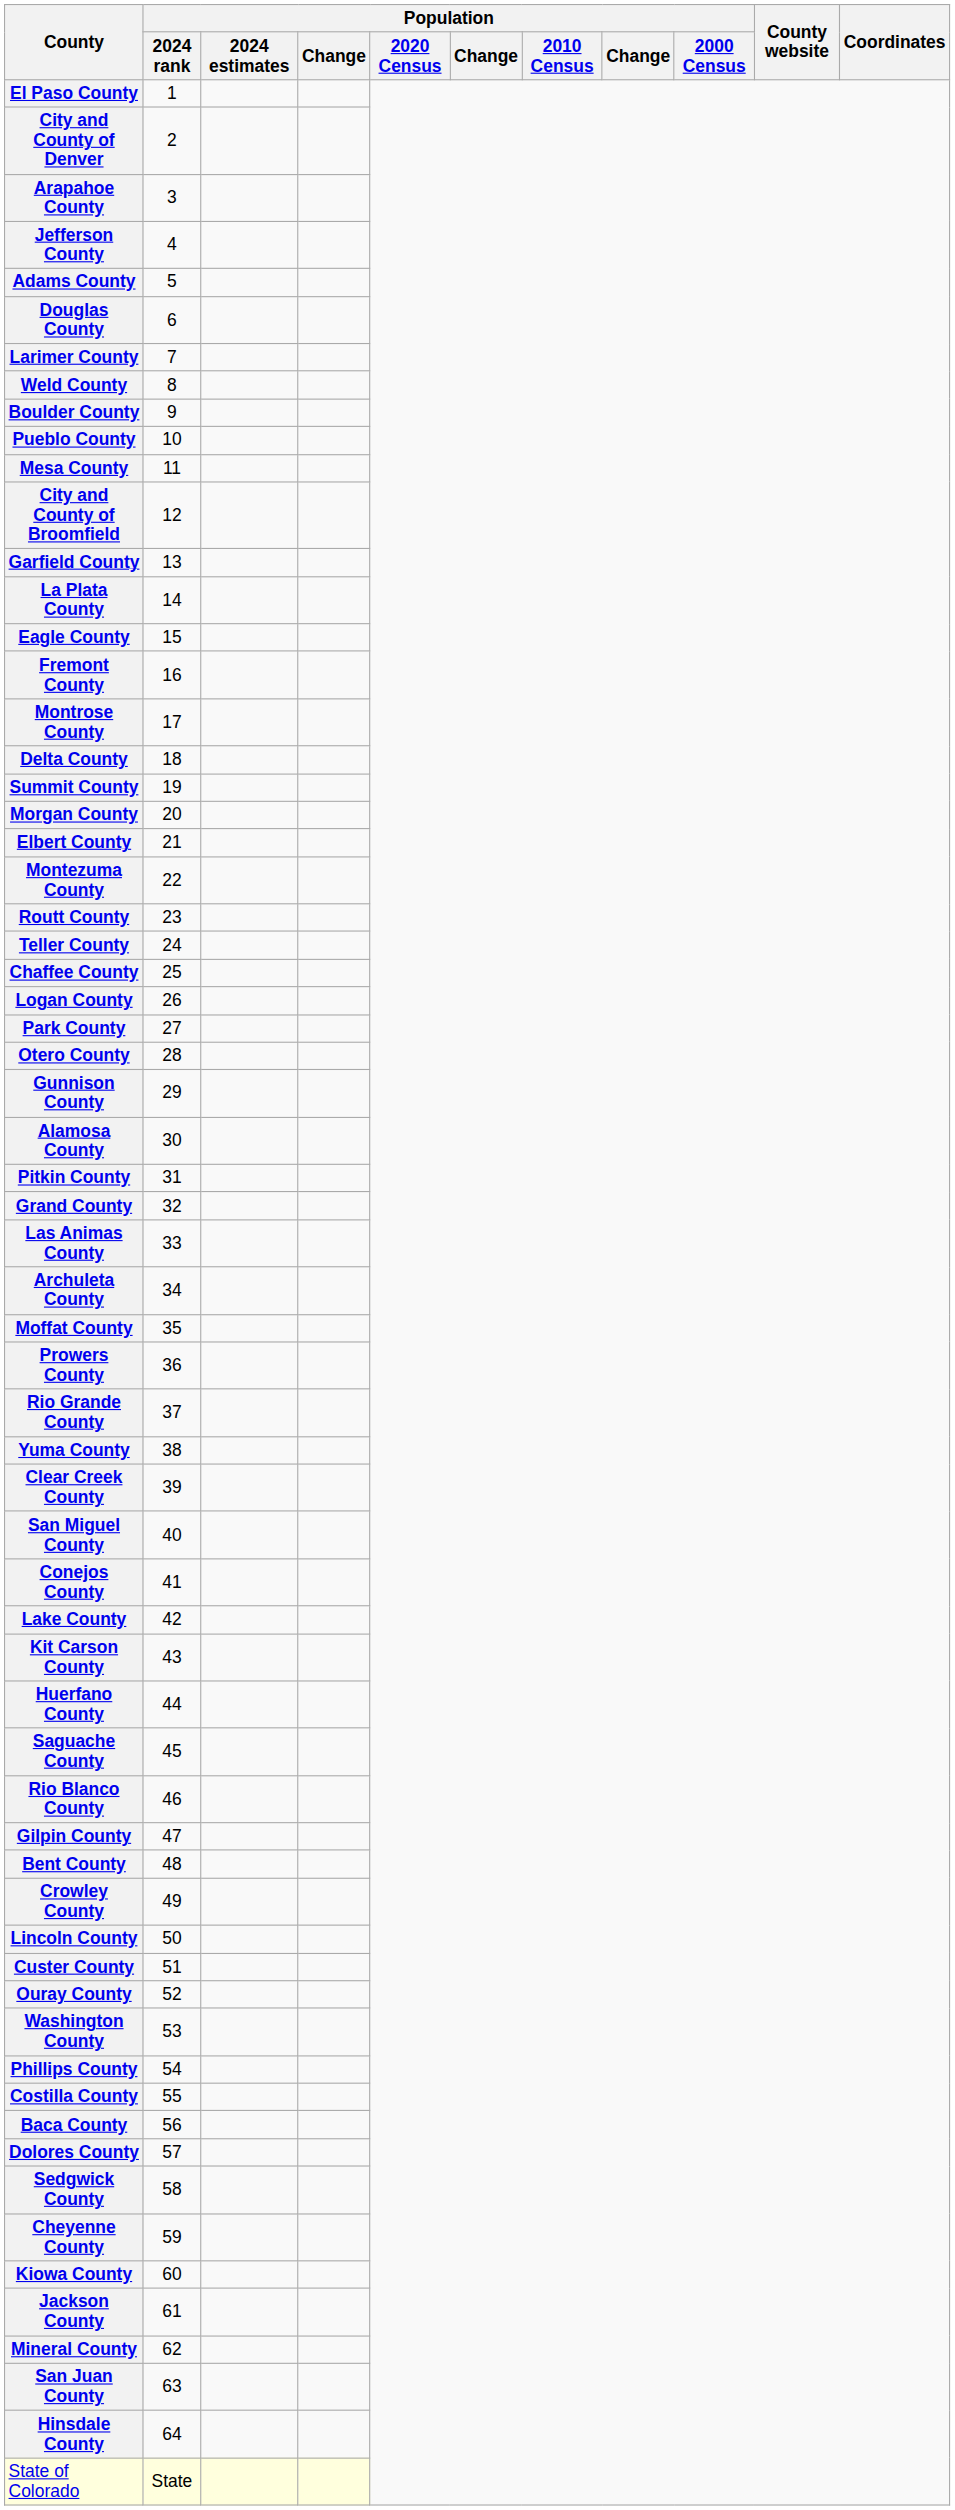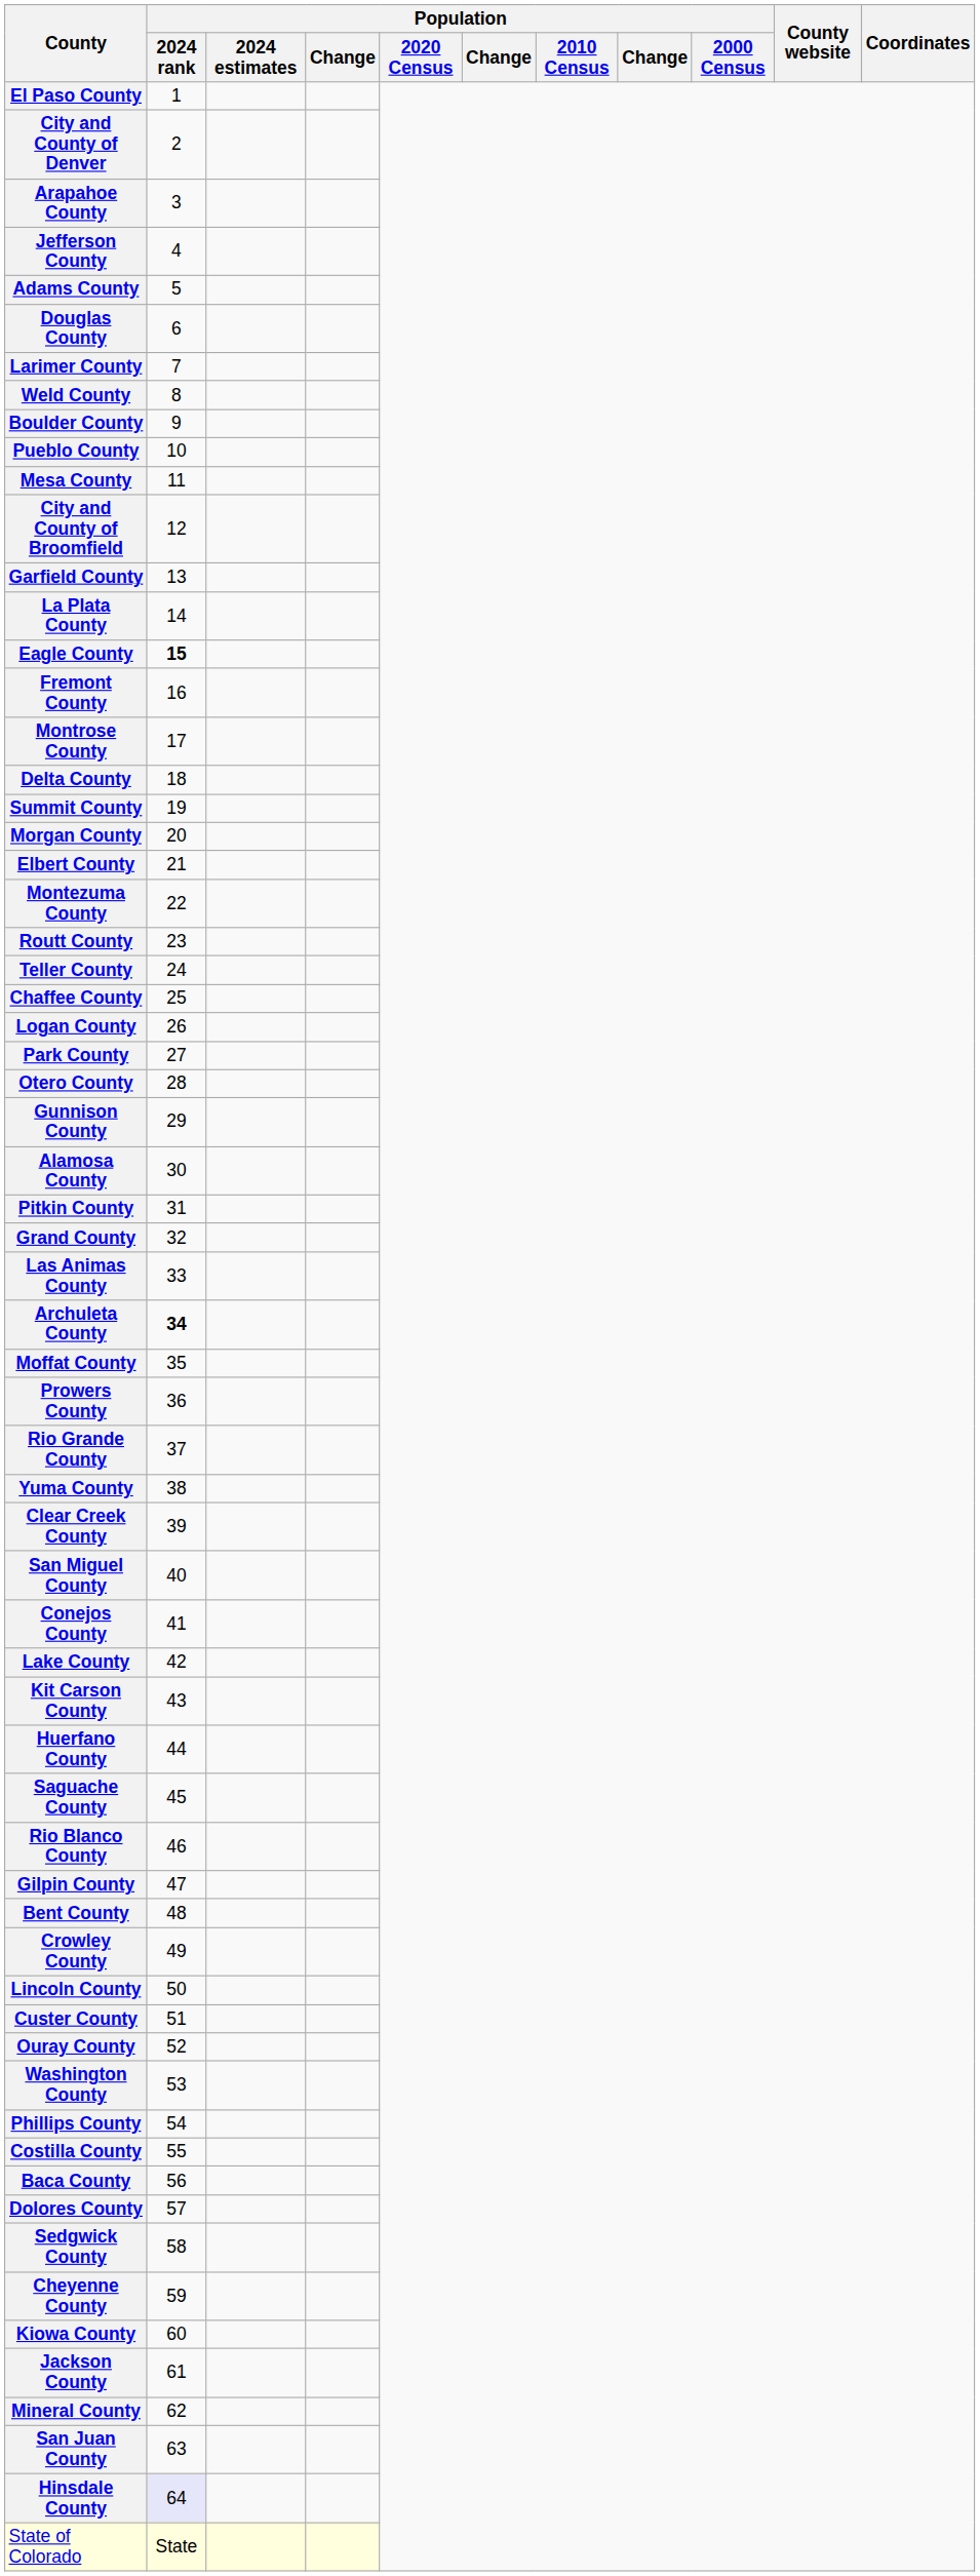 <table class="wikitable sortable plainrowheaders">
 <tr>
 <th scope=col rowspan=2>County</th>
 <th colspan=8 class=unsortable>Population</th>
 <th scope=col rowspan=2>County website</th>
 <th scope=col rowspan=2>Coordinates</th>
 </tr>
 <tr>
 <th scope=col>2024 rank</th>
 <th scope=col>2024 estimates</th>
 <th scope=col>Change</th>
 <th scope=col><a href='#'>2020 Census</a></th>
 <th scope=col>Change</th>
 <th scope=col><a href='#'>2010 Census</a></th>
 <th scope=col>Change</th>
 <th scope=col><a href='#'>2000 Census</a></th>
 </tr>
 <tr>
 <th scope=row><a href='#'>El Paso County</a></th>
 <td align=center>1<br></td>
 <td></td>
 <td></td>
 </tr>
 <tr>
 <th scope=row data-sort-value=Denver><a href='#'>City and County of Denver</a></th>
 <td align=center>2<br></td>
 <td></td>
 <td></td>
 </tr>
 <tr>
 <th scope=row><a href='#'>Arapahoe County</a></th>
 <td align=center>3<br></td>
 <td></td>
 <td></td>
 </tr>
 <tr>
 <th scope=row><a href='#'>Jefferson County</a></th>
 <td align=center>4<br></td>
 <td></td>
 <td></td>
 </tr>
 <tr>
 <th scope=row><a href='#'>Adams County</a></th>
 <td align=center>5<br></td>
 <td></td>
 <td></td>
 </tr>
 <tr>
 <th scope=row><a href='#'>Douglas County</a></th>
 <td align=center>6<br></td>
 <td></td>
 <td></td>
 </tr>
 <tr>
 <th scope=row><a href='#'>Larimer County</a></th>
 <td align=center>7<br></td>
 <td></td>
 <td></td>
 </tr>
 <tr>
 <th scope=row><a href='#'>Weld County</a></th>
 <td align=center>8<br></td>
 <td></td>
 <td></td>
 </tr>
 <tr>
 <th scope=row><a href='#'>Boulder County</a></th>
 <td align=center>9<br></td>
 <td></td>
 <td></td>
 </tr>
 <tr>
 <th scope=row><a href='#'>Pueblo County</a></th>
 <td align=center>10<br></td>
 <td></td>
 <td></td>
 </tr>
 <tr>
 <th scope=row><a href='#'>Mesa County</a></th>
 <td align=center>11<br></td>
 <td></td>
 <td></td>
 </tr>
 <tr>
 <th scope=row data-sort-value=Broomfield><a href='#'>City and County of Broomfield</a></th>
 <td align=center>12<br></td>
 <td></td>
 <td></td>
 </tr>
 <tr>
 <th scope=row><a href='#'>Garfield County</a></th>
 <td align=center>13<br></td>
 <td></td>
 <td></td>
 </tr>
 <tr>
 <th scope=row><a href='#'>La Plata County</a></th>
 <td align=center>14<br></td>
 <td></td>
 <td></td>
 </tr>
 <tr>
 <th scope=row><a href='#'>Eagle County</a></th>
-<td align=center>15<br></td>
+<td align=center><strong>15<br></strong></td>
 <td></td>
 <td></td>
 </tr>
 <tr>
 <th scope=row><a href='#'>Fremont County</a></th>
 <td align=center>16<br></td>
 <td></td>
 <td></td>
 </tr>
 <tr>
 <th scope=row><a href='#'>Montrose County</a></th>
 <td align=center>17<br></td>
 <td></td>
 <td></td>
 </tr>
 <tr>
 <th scope=row><a href='#'>Delta County</a></th>
 <td align=center>18<br></td>
 <td></td>
 <td></td>
 </tr>
 <tr>
 <th scope=row><a href='#'>Summit County</a></th>
 <td align=center>19<br></td>
 <td></td>
 <td></td>
 </tr>
 <tr>
 <th scope=row><a href='#'>Morgan County</a></th>
 <td align=center>20<br></td>
 <td></td>
 <td></td>
 </tr>
 <tr>
 <th scope=row><a href='#'>Elbert County</a></th>
 <td align=center>21<br></td>
 <td></td>
 <td></td>
 </tr>
 <tr>
 <th scope=row><a href='#'>Montezuma County</a></th>
 <td align=center>22<br></td>
 <td></td>
 <td></td>
 </tr>
 <tr>
 <th scope=row><a href='#'>Routt County</a></th>
 <td align=center>23<br></td>
 <td></td>
 <td></td>
 </tr>
 <tr>
 <th scope=row><a href='#'>Teller County</a></th>
 <td align=center>24<br></td>
 <td></td>
 <td></td>
 </tr>
 <tr>
 <th scope=row><a href='#'>Chaffee County</a></th>
 <td align=center>25<br></td>
 <td></td>
 <td></td>
 </tr>
 <tr>
 <th scope=row><a href='#'>Logan County</a></th>
 <td align=center>26<br></td>
 <td></td>
 <td></td>
 </tr>
 <tr>
 <th scope=row><a href='#'>Park County</a></th>
 <td align=center>27<br></td>
 <td></td>
 <td></td>
 </tr>
 <tr>
 <th scope=row><a href='#'>Otero County</a></th>
 <td align=center>28<br></td>
 <td></td>
 <td></td>
 </tr>
 <tr>
 <th scope=row><a href='#'>Gunnison County</a></th>
 <td align=center>29<br></td>
 <td></td>
 <td></td>
 </tr>
 <tr>
 <th scope=row><a href='#'>Alamosa County</a></th>
 <td align=center>30<br></td>
 <td></td>
 <td></td>
 </tr>
 <tr>
 <th scope=row><a href='#'>Pitkin County</a></th>
 <td align=center>31<br></td>
 <td></td>
 <td></td>
 </tr>
 <tr>
 <th scope=row><a href='#'>Grand County</a></th>
 <td align=center>32<br></td>
 <td></td>
 <td></td>
 </tr>
 <tr>
 <th scope=row><a href='#'>Las Animas County</a></th>
 <td align=center>33<br></td>
 <td></td>
 <td></td>
 </tr>
 <tr>
 <th scope=row><a href='#'>Archuleta County</a></th>
-<td align=center>34<br></td>
+<td align=center><strong>34<br></strong></td>
 <td></td>
 <td></td>
 </tr>
 <tr>
 <th scope=row><a href='#'>Moffat County</a></th>
 <td align=center>35<br></td>
 <td></td>
 <td></td>
 </tr>
 <tr>
 <th scope=row><a href='#'>Prowers County</a></th>
 <td align=center>36<br></td>
 <td></td>
 <td></td>
 </tr>
 <tr>
 <th scope=row><a href='#'>Rio Grande County</a></th>
 <td align=center>37<br></td>
 <td></td>
 <td></td>
 </tr>
 <tr>
 <th scope=row><a href='#'>Yuma County</a></th>
 <td align=center>38<br></td>
 <td></td>
 <td></td>
 </tr>
 <tr>
 <th scope=row><a href='#'>Clear Creek County</a></th>
 <td align=center>39<br></td>
 <td></td>
 <td></td>
 </tr>
 <tr>
 <th scope=row><a href='#'>San Miguel County</a></th>
 <td align=center>40<br></td>
 <td></td>
 <td></td>
 </tr>
 <tr>
 <th scope=row><a href='#'>Conejos County</a></th>
 <td align=center>41<br></td>
 <td></td>
 <td></td>
 </tr>
 <tr>
 <th scope=row><a href='#'>Lake County</a></th>
 <td align=center>42<br></td>
 <td></td>
 <td></td>
 </tr>
 <tr>
 <th scope=row><a href='#'>Kit Carson County</a></th>
 <td align=center>43<br></td>
 <td></td>
 <td></td>
 </tr>
 <tr>
 <th scope=row><a href='#'>Huerfano County</a></th>
 <td align=center>44<br></td>
 <td></td>
 <td></td>
 </tr>
 <tr>
 <th scope=row><a href='#'>Saguache County</a></th>
 <td align=center>45<br></td>
 <td></td>
 <td></td>
 </tr>
 <tr>
 <th scope=row><a href='#'>Rio Blanco County</a></th>
 <td align=center>46<br></td>
 <td></td>
 <td></td>
 </tr>
 <tr>
 <th scope=row><a href='#'>Gilpin County</a></th>
 <td align=center>47<br></td>
 <td></td>
 <td></td>
 </tr>
 <tr>
 <th scope=row><a href='#'>Bent County</a></th>
 <td align=center>48<br></td>
 <td></td>
 <td></td>
 </tr>
 <tr>
 <th scope=row><a href='#'>Crowley County</a></th>
 <td align=center>49<br></td>
 <td></td>
 <td></td>
 </tr>
 <tr>
 <th scope=row><a href='#'>Lincoln County</a></th>
 <td align=center>50<br></td>
 <td></td>
 <td></td>
 </tr>
 <tr>
 <th scope=row><a href='#'>Custer County</a></th>
 <td align=center>51<br></td>
 <td></td>
 <td></td>
 </tr>
 <tr>
 <th scope=row><a href='#'>Ouray County</a></th>
 <td align=center>52<br></td>
 <td></td>
 <td></td>
 </tr>
 <tr>
 <th scope=row><a href='#'>Washington County</a></th>
 <td align=center>53<br></td>
 <td></td>
 <td></td>
 </tr>
 <tr>
 <th scope=row><a href='#'>Phillips County</a></th>
 <td align=center>54<br></td>
 <td></td>
 <td></td>
 </tr>
 <tr>
 <th scope=row><a href='#'>Costilla County</a></th>
 <td align=center>55<br></td>
 <td></td>
 <td></td>
 </tr>
 <tr>
 <th scope=row><a href='#'>Baca County</a></th>
 <td align=center>56<br></td>
 <td></td>
 <td></td>
 </tr>
 <tr>
 <th scope=row><a href='#'>Dolores County</a></th>
 <td align=center>57<br></td>
 <td></td>
 <td></td>
 </tr>
 <tr>
 <th scope=row><a href='#'>Sedgwick County</a></th>
 <td align=center>58<br></td>
 <td></td>
 <td></td>
 </tr>
 <tr>
 <th scope=row><a href='#'>Cheyenne County</a></th>
 <td align=center>59<br></td>
 <td></td>
 <td></td>
 </tr>
 <tr>
 <th scope=row><a href='#'>Kiowa County</a></th>
 <td align=center>60<br></td>
 <td></td>
 <td></td>
 </tr>
 <tr>
 <th scope=row><a href='#'>Jackson County</a></th>
 <td align=center>61<br></td>
 <td></td>
 <td></td>
 </tr>
 <tr>
 <th scope=row><a href='#'>Mineral County</a></th>
 <td align=center>62<br></td>
 <td></td>
 <td></td>
 </tr>
 <tr>
 <th scope=row><a href='#'>San Juan County</a></th>
 <td align=center>63<br></td>
 <td></td>
 <td></td>
 </tr>
 <tr>
 <th scope=row><a href='#'>Hinsdale County</a></th>
-<td align=center>64<br></td>
+<td align=center style="background: lavender;">64<br></td>
 <td></td>
 <td></td>
 </tr>
 <tr class=sortbottom style="background-color:#FFFFDD;">
 <td><a href='#'>State of Colorado</a></td>
 <td align=center>State<br></td>
 <td></td>
 <td></td>
 </tr>
 </table>
